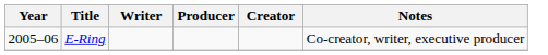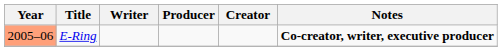 <table class="wikitable">
 <tr>
 <th>Year</th>
 <th>Title</th>
 <th width="65">Writer</th>
 <th width="65">Producer</th>
 <th width="65">Creator</th>
 <th>Notes</th>
 </tr>
 <tr>
-<td>2005–06</td>
+<td style="background: lightsalmon;">2005–06</td>
 <td><em><a href='#'>E-Ring</a></em></td>
 <td></td>
 <td></td>
 <td></td>
-<td>Co-creator, writer, executive producer</td>
+<td><strong>Co-creator, writer, executive producer</strong></td>
 </tr>
 <tr>
 </tr>
 </table>
